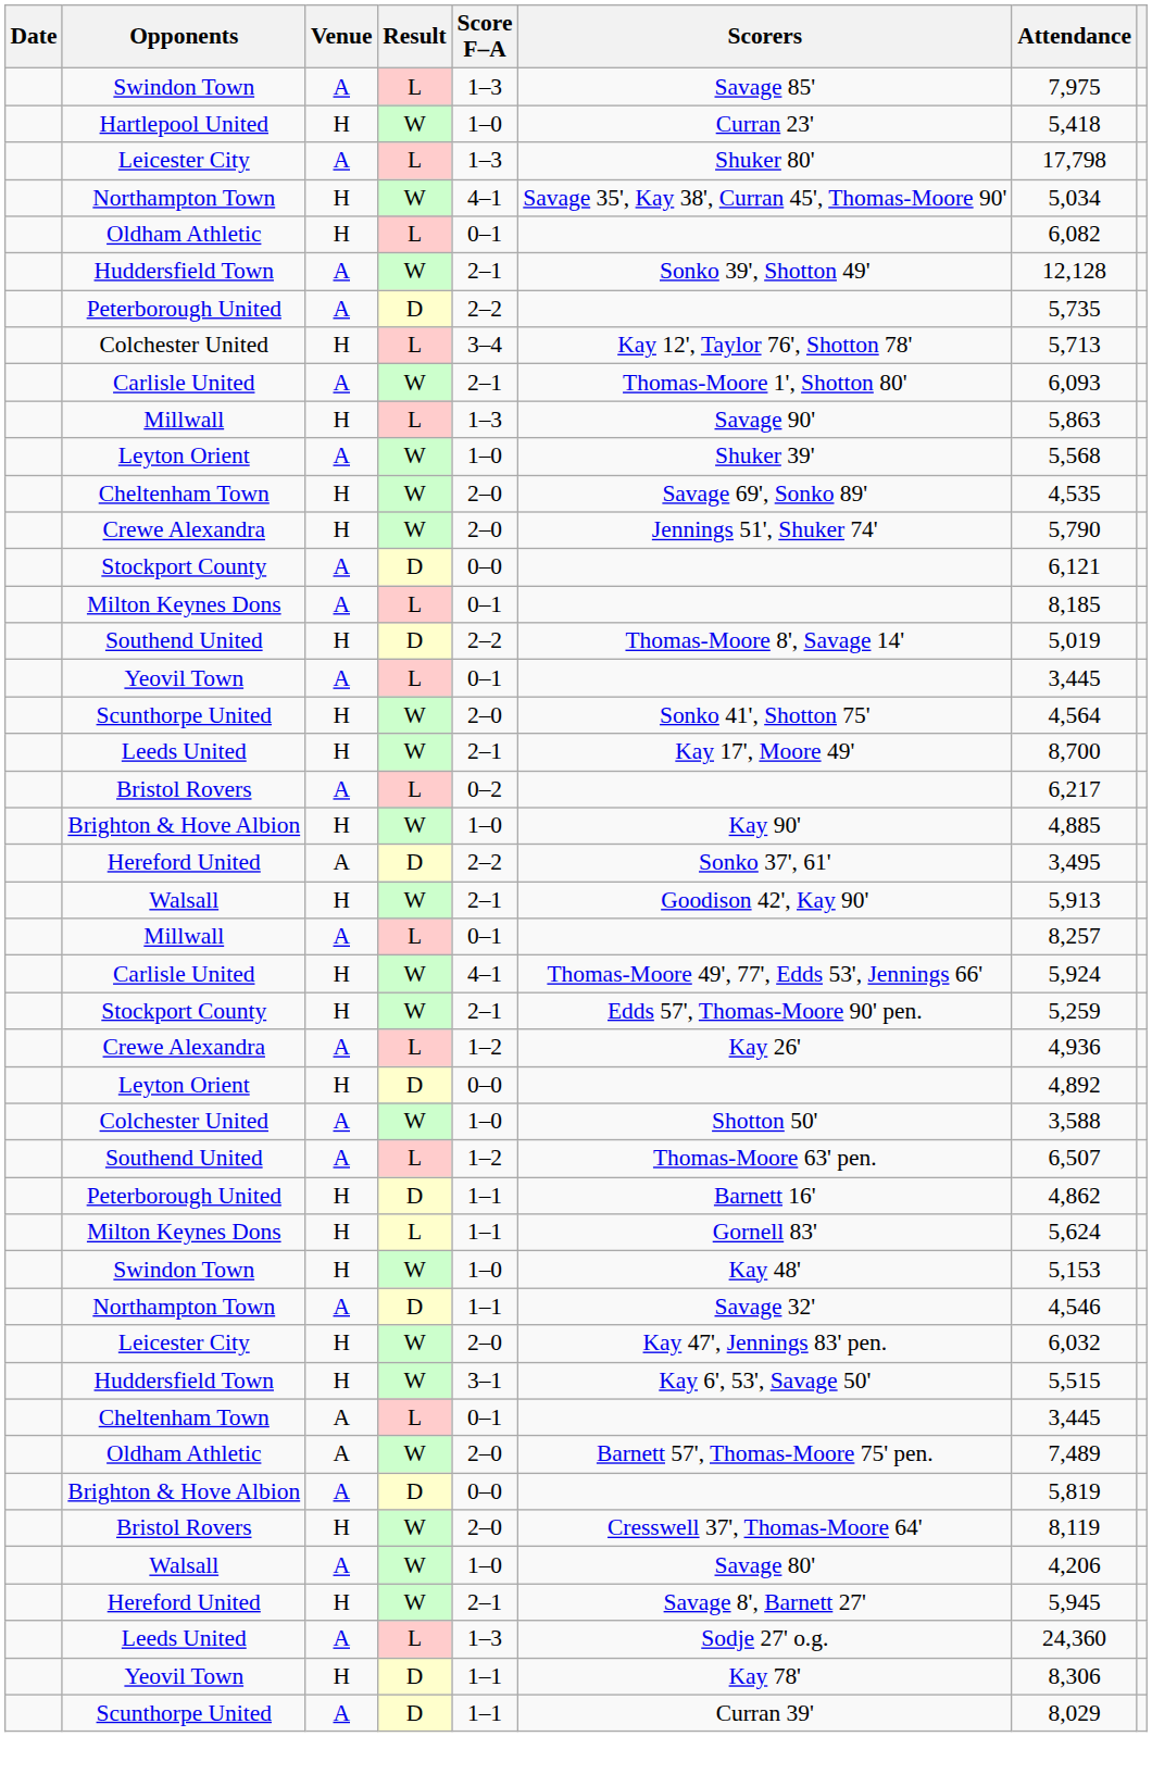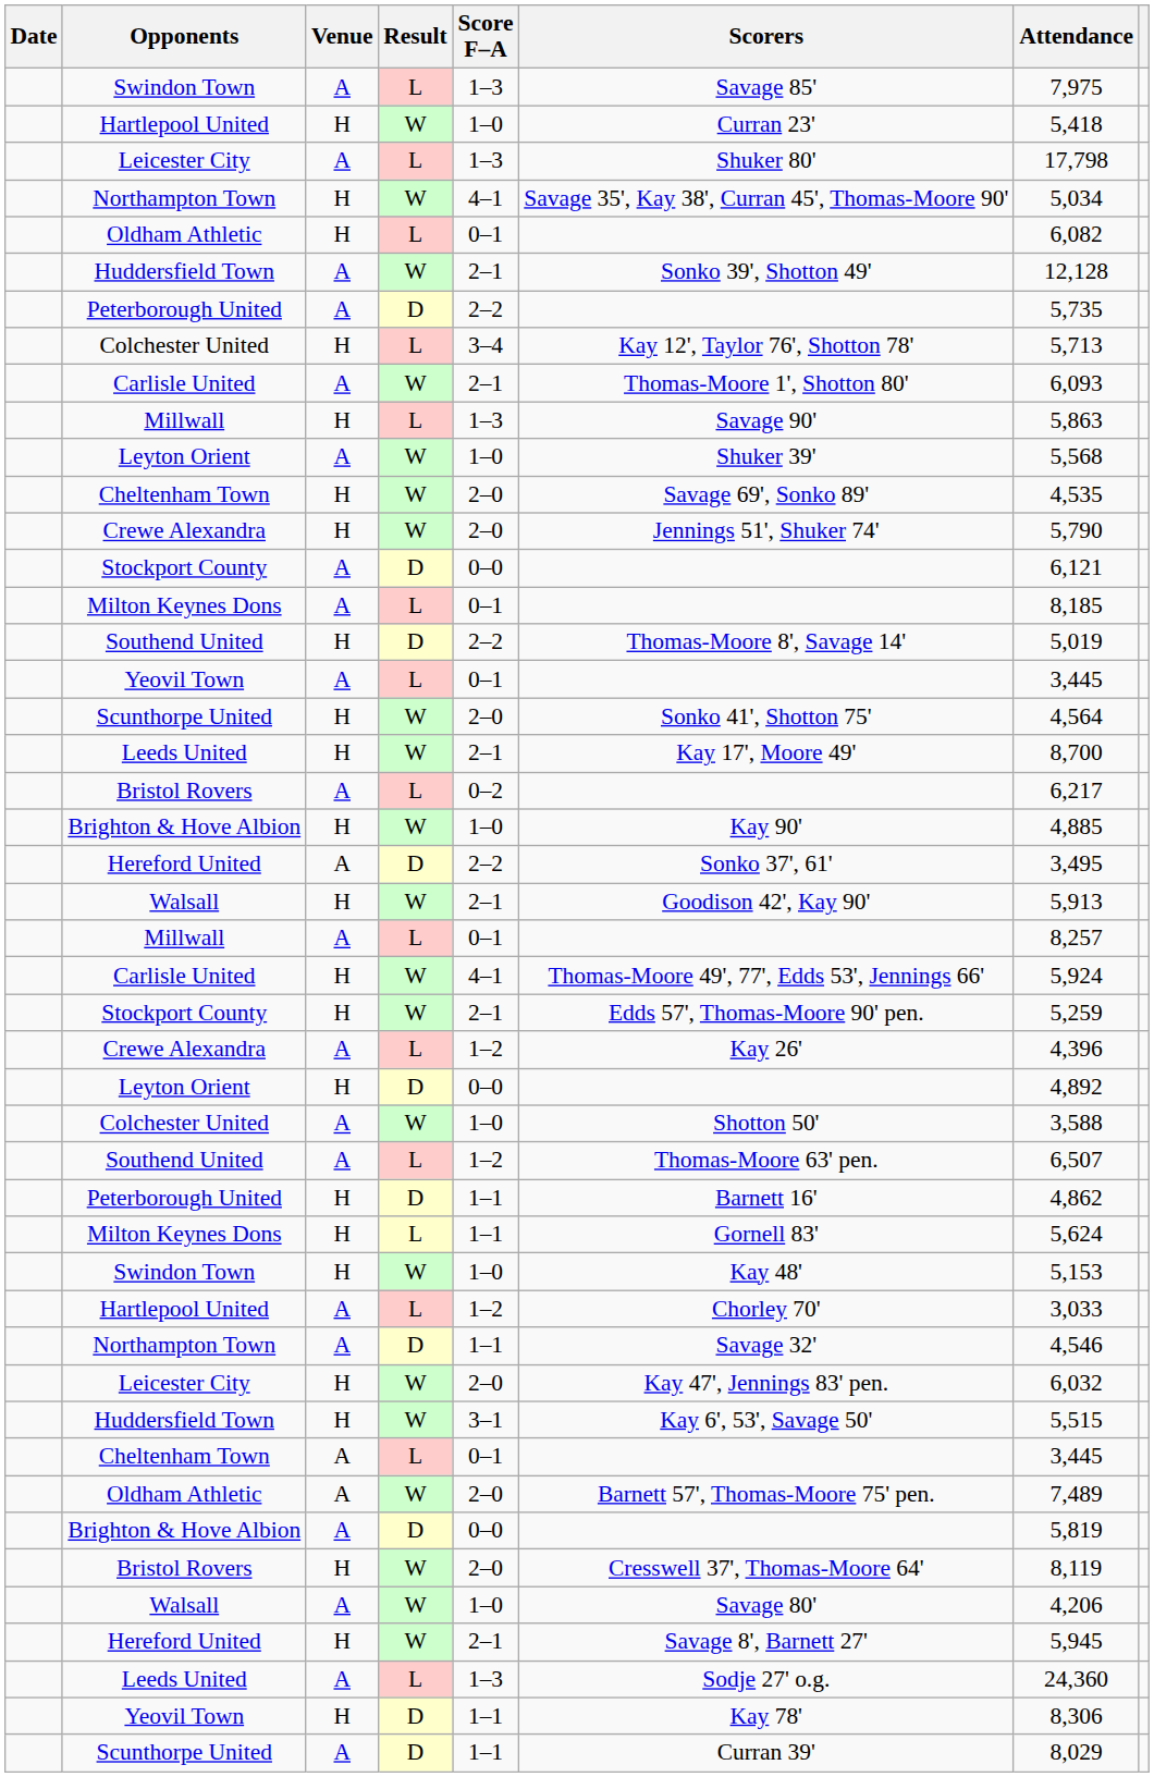 <table class="wikitable plainrowheaders sortable" style="text-align:center">
 <tr>
 <th scope="col">Date</th>
 <th scope="col">Opponents</th>
 <th scope="col">Venue</th>
 <th scope="col">Result</th>
 <th scope="col">Score<br>F–A</th>
 <th scope="col" class="unsortable">Scorers</th>
 <th scope="col">Attendance</th>
 <th scope="col" class="unsortable"></th>
 </tr>
 <tr>
 <td></td>
 <td><a href='#'>Swindon Town</a></td>
 <td><a href='#'>A</a></td>
 <td bgcolor="#FFCCCC">L</td>
 <td>1–3</td>
 <td><a href='#'>Savage</a> 85'</td>
 <td>7,975</td>
 <td></td>
 </tr>
 <tr>
 <td></td>
 <td><a href='#'>Hartlepool United</a></td>
 <td>H</td>
 <td bgcolor="#CCFFCC">W</td>
 <td>1–0</td>
 <td><a href='#'>Curran</a> 23'</td>
 <td>5,418</td>
 <td></td>
 </tr>
 <tr>
 <td></td>
 <td><a href='#'>Leicester City</a></td>
 <td><a href='#'>A</a></td>
 <td bgcolor="#FFCCCC">L</td>
 <td>1–3</td>
 <td><a href='#'>Shuker</a> 80'</td>
 <td>17,798</td>
 <td></td>
 </tr>
 <tr>
 <td></td>
 <td><a href='#'>Northampton Town</a></td>
 <td>H</td>
 <td bgcolor="#CCFFCC">W</td>
 <td>4–1</td>
 <td><a href='#'>Savage</a> 35', <a href='#'>Kay</a> 38', <a href='#'>Curran</a> 45', <a href='#'>Thomas-Moore</a> 90'</td>
 <td>5,034</td>
 <td></td>
 </tr>
 <tr>
 <td></td>
 <td><a href='#'>Oldham Athletic</a></td>
 <td>H</td>
 <td bgcolor="#FFCCCC">L</td>
 <td>0–1</td>
 <td></td>
 <td>6,082</td>
 <td></td>
 </tr>
 <tr>
 <td></td>
 <td><a href='#'>Huddersfield Town</a></td>
 <td><a href='#'>A</a></td>
 <td bgcolor="#CCFFCC">W</td>
 <td>2–1</td>
 <td><a href='#'>Sonko</a> 39', <a href='#'>Shotton</a> 49'</td>
 <td>12,128</td>
 <td></td>
 </tr>
 <tr>
 <td></td>
 <td><a href='#'>Peterborough United</a></td>
 <td><a href='#'>A</a></td>
 <td style="background-color:#FFFFCC">D</td>
 <td>2–2</td>
 <td></td>
 <td>5,735</td>
 <td></td>
 </tr>
 <tr>
 <td></td>
 <td>Colchester United</td>
 <td>H</td>
 <td bgcolor="#FFCCCC">L</td>
 <td>3–4</td>
 <td><a href='#'>Kay</a> 12', <a href='#'>Taylor</a> 76', <a href='#'>Shotton</a> 78'</td>
 <td>5,713</td>
 <td></td>
 </tr>
 <tr>
 <td></td>
 <td><a href='#'>Carlisle United</a></td>
 <td><a href='#'>A</a></td>
 <td bgcolor="#CCFFCC">W</td>
 <td>2–1</td>
 <td><a href='#'>Thomas-Moore</a> 1', <a href='#'>Shotton</a> 80'</td>
 <td>6,093</td>
 <td></td>
 </tr>
 <tr>
 <td></td>
 <td><a href='#'>Millwall</a></td>
 <td>H</td>
 <td bgcolor="#FFCCCC">L</td>
 <td>1–3</td>
 <td><a href='#'>Savage</a> 90'</td>
 <td>5,863</td>
 <td></td>
 </tr>
 <tr>
 <td></td>
 <td><a href='#'>Leyton Orient</a></td>
 <td><a href='#'>A</a></td>
 <td bgcolor="#CCFFCC">W</td>
 <td>1–0</td>
 <td><a href='#'>Shuker</a> 39'</td>
 <td>5,568</td>
 <td></td>
 </tr>
 <tr>
 <td></td>
 <td><a href='#'>Cheltenham Town</a></td>
 <td>H</td>
 <td bgcolor="#CCFFCC">W</td>
 <td>2–0</td>
 <td><a href='#'>Savage</a> 69', <a href='#'>Sonko</a> 89'</td>
 <td>4,535</td>
 <td></td>
 </tr>
 <tr>
 <td></td>
 <td><a href='#'>Crewe Alexandra</a></td>
 <td>H</td>
 <td bgcolor="#CCFFCC">W</td>
 <td>2–0</td>
 <td><a href='#'>Jennings</a> 51', <a href='#'>Shuker</a> 74'</td>
 <td>5,790</td>
 <td></td>
 </tr>
 <tr>
 <td></td>
 <td><a href='#'>Stockport County</a></td>
 <td><a href='#'>A</a></td>
 <td bgcolor="#FFFFCC">D</td>
 <td>0–0</td>
 <td></td>
 <td>6,121</td>
 <td></td>
 </tr>
 <tr>
 <td></td>
 <td><a href='#'>Milton Keynes Dons</a></td>
 <td><a href='#'>A</a></td>
 <td bgcolor="#FFCCCC">L</td>
 <td>0–1</td>
 <td></td>
 <td>8,185</td>
 <td></td>
 </tr>
 <tr>
 <td></td>
 <td><a href='#'>Southend United</a></td>
 <td>H</td>
 <td bgcolor="#FFFFCC">D</td>
 <td>2–2</td>
 <td><a href='#'>Thomas-Moore</a> 8', <a href='#'>Savage</a> 14'</td>
 <td>5,019</td>
 <td></td>
 </tr>
 <tr>
 <td></td>
 <td><a href='#'>Yeovil Town</a></td>
 <td><a href='#'>A</a></td>
 <td bgcolor="#FFCCCC">L</td>
 <td>0–1</td>
 <td></td>
 <td>3,445</td>
 <td></td>
 </tr>
 <tr>
 <td></td>
 <td><a href='#'>Scunthorpe United</a></td>
 <td>H</td>
 <td bgcolor="#CCFFCC">W</td>
 <td>2–0</td>
 <td><a href='#'>Sonko</a> 41', <a href='#'>Shotton</a> 75'</td>
 <td>4,564</td>
 <td></td>
 </tr>
 <tr>
 <td></td>
 <td><a href='#'>Leeds United</a></td>
 <td>H</td>
 <td bgcolor="#CCFFCC">W</td>
 <td>2–1</td>
 <td><a href='#'>Kay</a> 17', <a href='#'>Moore</a> 49'</td>
 <td>8,700</td>
 <td></td>
 </tr>
 <tr>
 <td></td>
 <td><a href='#'>Bristol Rovers</a></td>
 <td><a href='#'>A</a></td>
 <td bgcolor="#FFCCCC">L</td>
 <td>0–2</td>
 <td></td>
 <td>6,217</td>
 <td></td>
 </tr>
 <tr>
 <td></td>
 <td><a href='#'>Brighton & Hove Albion</a></td>
 <td>H</td>
 <td bgcolor="#CCFFCC">W</td>
 <td>1–0</td>
 <td><a href='#'>Kay</a> 90'</td>
 <td>4,885</td>
 <td></td>
 </tr>
 <tr>
 <td></td>
 <td><a href='#'>Hereford United</a></td>
 <td>A</td>
 <td bgcolor="#FFFFCC">D</td>
 <td 2–2>2–2</td>
 <td><a href='#'>Sonko</a> 37', 61'</td>
 <td>3,495</td>
 <td></td>
 </tr>
 <tr>
 <td></td>
 <td><a href='#'>Walsall</a></td>
 <td>H</td>
 <td bgcolor="#CCFFCC">W</td>
 <td>2–1</td>
 <td><a href='#'>Goodison</a> 42', <a href='#'>Kay</a> 90'</td>
 <td>5,913</td>
 <td></td>
 </tr>
 <tr>
 <td></td>
 <td><a href='#'>Millwall</a></td>
 <td><a href='#'>A</a></td>
 <td bgcolor="#FFCCCC">L</td>
 <td>0–1</td>
 <td></td>
 <td>8,257</td>
 <td></td>
 </tr>
 <tr>
 <td></td>
 <td><a href='#'>Carlisle United</a></td>
 <td>H</td>
 <td bgcolor="#CCFFCC">W</td>
 <td>4–1</td>
 <td><a href='#'>Thomas-Moore</a> 49', 77', <a href='#'>Edds</a> 53', <a href='#'>Jennings</a> 66'</td>
 <td>5,924</td>
 <td></td>
 </tr>
 <tr>
 <td></td>
 <td><a href='#'>Stockport County</a></td>
 <td>H</td>
 <td bgcolor="#CCFFCC">W</td>
 <td>2–1</td>
 <td><a href='#'>Edds</a> 57', <a href='#'>Thomas-Moore</a> 90' pen.</td>
 <td>5,259</td>
 <td></td>
 </tr>
 <tr>
 <td></td>
 <td><a href='#'>Crewe Alexandra</a></td>
 <td><a href='#'>A</a></td>
 <td bgcolor="#FFCCCC">L</td>
 <td>1–2</td>
 <td><a href='#'>Kay</a> 26'</td>
-<td>4,936</td>
+<td>4,396</td>
 <td></td>
 </tr>
 <tr>
 <td></td>
 <td><a href='#'>Leyton Orient</a></td>
 <td>H</td>
 <td bgcolor="#FFFFCC">D</td>
 <td>0–0</td>
 <td></td>
 <td>4,892</td>
 <td></td>
 </tr>
 <tr>
 <td></td>
 <td><a href='#'>Colchester United</a></td>
 <td><a href='#'>A</a></td>
 <td bgcolor="#CCFFCC">W</td>
 <td>1–0</td>
 <td><a href='#'>Shotton</a> 50'</td>
 <td>3,588</td>
 <td></td>
 </tr>
 <tr>
 <td></td>
 <td><a href='#'>Southend United</a></td>
 <td><a href='#'>A</a></td>
 <td bgcolor="#FFCCCC">L</td>
 <td>1–2</td>
 <td><a href='#'>Thomas-Moore</a> 63' pen.</td>
 <td>6,507</td>
 <td></td>
 </tr>
 <tr>
 <td></td>
 <td><a href='#'>Peterborough United</a></td>
 <td>H</td>
 <td style=background-color:#FFFFCC>D</td>
 <td>1–1</td>
 <td><a href='#'>Barnett</a> 16'</td>
 <td>4,862</td>
 <td></td>
 </tr>
 <tr>
 <td></td>
 <td><a href='#'>Milton Keynes Dons</a></td>
 <td>H</td>
 <td bgcolor="#FFFFCC">L</td>
 <td>1–1</td>
 <td><a href='#'>Gornell</a> 83'</td>
 <td>5,624</td>
 <td></td>
 </tr>
 <tr>
 <td></td>
 <td><a href='#'>Swindon Town</a></td>
 <td>H</td>
 <td bgcolor="#CCFFCC">W</td>
 <td>1–0</td>
 <td><a href='#'>Kay</a> 48'</td>
 <td>5,153</td>
+<td></td>
+</tr>
+<tr>
+<td></td>
+<td><a href='#'>Hartlepool United</a></td>
+<td><a href='#'>A</a></td>
+<td bgcolor="#FFCCCC">L</td>
+<td>1–2</td>
+<td><a href='#'>Chorley</a> 70'</td>
+<td>3,033</td>
 <td></td>
 </tr>
 <tr>
 <td></td>
 <td><a href='#'>Northampton Town</a></td>
 <td><a href='#'>A</a></td>
 <td bgcolor="#FFFFCC">D</td>
 <td>1–1</td>
 <td><a href='#'>Savage</a> 32'</td>
 <td>4,546</td>
 <td></td>
 </tr>
 <tr>
 <td></td>
 <td><a href='#'>Leicester City</a></td>
 <td>H</td>
 <td bgcolor="#CCFFCC">W</td>
 <td>2–0</td>
 <td><a href='#'>Kay</a> 47', <a href='#'>Jennings</a> 83' pen.</td>
 <td>6,032</td>
 <td></td>
 </tr>
 <tr>
 <td></td>
 <td><a href='#'>Huddersfield Town</a></td>
 <td>H</td>
 <td bgcolor="#CCFFCC">W</td>
 <td>3–1</td>
 <td><a href='#'>Kay</a> 6', 53', <a href='#'>Savage</a> 50'</td>
 <td>5,515</td>
 <td></td>
 </tr>
 <tr>
 <td></td>
 <td><a href='#'>Cheltenham Town</a></td>
 <td>A</td>
 <td bgcolor="#FFCCCC">L</td>
 <td>0–1</td>
 <td></td>
 <td>3,445</td>
 <td></td>
 </tr>
 <tr>
 <td></td>
 <td><a href='#'>Oldham Athletic</a></td>
 <td>A</td>
 <td bgcolor="#CCFFCC">W</td>
 <td>2–0</td>
 <td><a href='#'>Barnett</a> 57', <a href='#'>Thomas-Moore</a> 75' pen.</td>
 <td>7,489</td>
 <td></td>
 </tr>
 <tr>
 <td></td>
 <td><a href='#'>Brighton & Hove Albion</a></td>
 <td><a href='#'>A</a></td>
 <td bgcolor="#FFFFCC">D</td>
 <td>0–0</td>
 <td></td>
 <td>5,819</td>
 <td></td>
 </tr>
 <tr>
 <td></td>
 <td><a href='#'>Bristol Rovers</a></td>
 <td>H</td>
 <td bgcolor="#CCFFCC">W</td>
 <td>2–0</td>
 <td><a href='#'>Cresswell</a> 37', <a href='#'>Thomas-Moore</a> 64'</td>
 <td>8,119</td>
 <td></td>
 </tr>
 <tr>
 <td></td>
 <td><a href='#'>Walsall</a></td>
 <td><a href='#'>A</a></td>
 <td bgcolor="#CCFFCC">W</td>
 <td>1–0</td>
 <td><a href='#'>Savage</a> 80'</td>
 <td>4,206</td>
 <td></td>
 </tr>
 <tr>
 <td></td>
 <td><a href='#'>Hereford United</a></td>
 <td>H</td>
 <td bgcolor="#CCFFCC">W</td>
 <td>2–1</td>
 <td><a href='#'>Savage</a> 8', <a href='#'>Barnett</a> 27'</td>
 <td>5,945</td>
 <td></td>
 </tr>
 <tr>
 <td></td>
 <td><a href='#'>Leeds United</a></td>
 <td><a href='#'>A</a></td>
 <td bgcolor="#FFCCCC">L</td>
 <td>1–3</td>
 <td><a href='#'>Sodje</a> 27' o.g.</td>
 <td>24,360</td>
 <td></td>
 </tr>
 <tr>
 <td></td>
 <td><a href='#'>Yeovil Town</a></td>
 <td>H</td>
 <td bgcolor="#FFFFCC">D</td>
 <td>1–1</td>
 <td><a href='#'>Kay</a> 78'</td>
 <td>8,306</td>
 <td></td>
 </tr>
 <tr>
 <td></td>
 <td><a href='#'>Scunthorpe United</a></td>
 <td><a href='#'>A</a></td>
 <td bgcolor="#FFFFCC">D</td>
 <td>1–1</td>
 <td>Curran 39'</td>
 <td>8,029</td>
 <td></td>
 </tr>
 </table>
